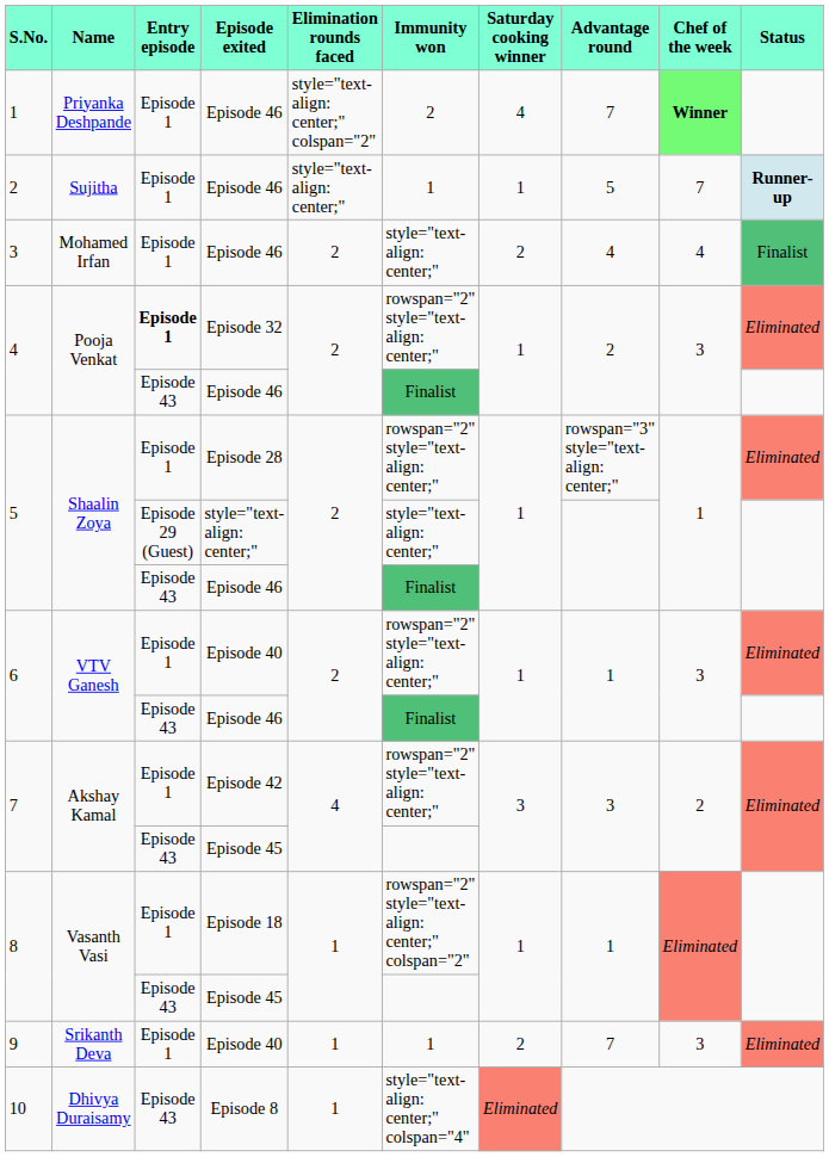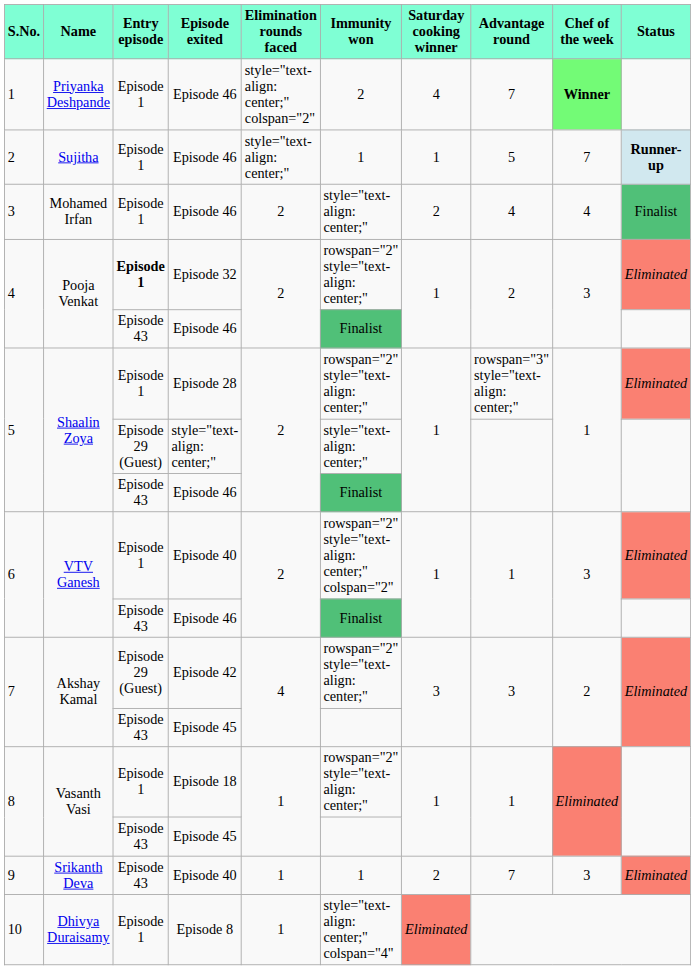 <table class="wikitable sortable" style="align:center;">
 <tr>
 <th scope="col" style="background:#7FFFD4;color:black">S.No.</th>
 <th scope="col" style="background:#7FFFD4;color:black">Name</th>
 <th scope="col" style="background:#7FFFD4;color:black">Entry episode</th>
 <th scope="col" style="background:#7FFFD4;color:black">Episode exited</th>
 <th scope="col" style="background:#7FFFD4;color:black">Elimination rounds faced</th>
 <th scope="col" style="background:#7FFFD4;color:black">Immunity won</th>
 <th scope="col" style="background:#7FFFD4;color:black">Saturday cooking winner</th>
 <th scope="col" style="background:#7FFFD4;color:black">Advantage round</th>
 <th scope="col" style="background:#7FFFD4;color:black">Chef of the week</th>
 <th scope="col" style="background:#7FFFD4;color:black">Status</th>
 </tr>
 <tr>
 <td>1</td>
 <td style="text-align: center;"><a href='#'>Priyanka Deshpande</a></td>
 <td style="text-align: center;">Episode 1</td>
 <td style="text-align: center;">Episode 46</td>
 <td>style="text-align: center;" colspan="2" </td>
 <td style="text-align: center;">2</td>
 <td style="text-align: center;">4</td>
 <td style="text-align: center;">7</td>
 <td style="text-align: center; background: #73FB76;"><strong>Winner</strong></td>
 </tr>
 <tr>
 <td>2</td>
 <td style="text-align: center;"><a href='#'>Sujitha</a></td>
 <td style="text-align: center;">Episode 1</td>
 <td style="text-align: center;">Episode 46</td>
 <td>style="text-align: center;" </td>
 <td style="text-align: center;">1</td>
 <td style="text-align: center;">1</td>
 <td style="text-align: center;">5</td>
 <td style="text-align: center;">7</td>
 <td style="text-align: center; background: #D1E8EF;"><strong>Runner-up</strong></td>
 </tr>
 <tr>
 <td>3</td>
 <td style="text-align: center;">Mohamed Irfan</td>
 <td style="text-align: center;">Episode 1</td>
 <td style="text-align: center;">Episode 46</td>
 <td style="text-align: center;">2</td>
 <td>style="text-align: center;" </td>
 <td style="text-align: center;">2</td>
 <td style="text-align: center;">4</td>
 <td style="text-align: center;">4</td>
 <td style="text-align: center; background: #50C078;">Finalist</td>
 </tr>
 <tr>
 <td rowspan="2">4</td>
 <td rowspan="2" style="text-align: center;">Pooja Venkat</td>
 <td style="text-align: center;"><strong>Episode 1</strong></td>
 <td style="text-align: center;">Episode 32</td>
 <td rowspan="2" style="text-align: center;">2</td>
 <td>rowspan="2" style="text-align: center;" </td>
 <td rowspan="2" style="text-align: center;">1</td>
 <td rowspan="2" style="text-align: center;">2</td>
 <td rowspan="2" style="text-align: center;">3</td>
 <td style="text-align: center; background: #FA8072;"><em>Eliminated</em></td>
 </tr>
 <tr>
 <td style="text-align: center;">Episode 43</td>
 <td style="text-align: center;">Episode 46</td>
 <td style="text-align: center; background: #50C078;">Finalist</td>
 </tr>
 <tr>
 <td rowspan="3">5</td>
 <td rowspan="3" style="text-align: center;"><a href='#'>Shaalin Zoya</a></td>
 <td style="text-align: center;">Episode 1</td>
 <td style="text-align: center;">Episode 28</td>
 <td rowspan="3" style="text-align: center;">2</td>
 <td>rowspan="2" style="text-align: center;" </td>
 <td rowspan="3" style="text-align: center;">1</td>
 <td>rowspan="3" style="text-align: center;" </td>
 <td rowspan="3" style="text-align: center;">1</td>
 <td style="text-align: center; background: #FA8072;"><em>Eliminated</em></td>
 </tr>
 <tr>
 <td style="text-align: center;">Episode 29 (Guest)</td>
 <td>style="text-align: center;" </td>
 <td>style="text-align: center;" </td>
 </tr>
 <tr>
 <td style="text-align: center;">Episode 43</td>
 <td style="text-align: center;">Episode 46</td>
 <td style="text-align: center; background: #50C078;">Finalist</td>
 </tr>
 <tr>
 <td rowspan="2">6</td>
 <td rowspan="2" style="text-align: center;"><a href='#'>VTV Ganesh</a></td>
 <td style="text-align: center;">Episode 1</td>
 <td style="text-align: center;">Episode 40</td>
 <td rowspan="2" style="text-align: center;">2</td>
-<td>rowspan="2" style="text-align: center;" </td>
+<td>rowspan="2" style="text-align: center;" colspan="2" </td>
 <td rowspan="2" style="text-align: center;">1</td>
 <td rowspan="2" style="text-align: center;">1</td>
 <td rowspan="2" style="text-align: center;">3</td>
 <td style="text-align: center; background: #FA8072;"><em>Eliminated</em></td>
 </tr>
 <tr>
 <td style="text-align: center;">Episode 43</td>
 <td style="text-align: center;">Episode 46</td>
 <td style="text-align: center; background: #50C078;">Finalist</td>
 </tr>
 <tr>
 <td rowspan="2">7</td>
 <td rowspan="2" style="text-align: center;">Akshay Kamal</td>
-<td style="text-align: center;">Episode 1</td>
+<td style="text-align: center;">Episode 29 (Guest)</td>
 <td style="text-align: center;">Episode 42</td>
 <td rowspan="2" style="text-align: center;">4</td>
 <td>rowspan="2" style="text-align: center;" </td>
 <td rowspan="2" style="text-align: center;">3</td>
 <td rowspan="2" style="text-align: center;">3</td>
 <td rowspan="2" style="text-align: center;">2</td>
 <td rowspan="2" style="text-align: center; background: #FA8072;"><em>Eliminated</em></td>
 </tr>
 <tr>
 <td style="text-align: center;">Episode 43</td>
 <td style="text-align: center;">Episode 45</td>
 </tr>
 <tr>
 <td rowspan="2">8</td>
 <td rowspan="2" style="text-align: center;">Vasanth Vasi</td>
 <td style="text-align: center;">Episode 1</td>
 <td style="text-align: center;">Episode 18</td>
 <td rowspan="2" style="text-align: center;">1</td>
-<td>rowspan="2" style="text-align: center;" colspan="2" </td>
+<td>rowspan="2" style="text-align: center;" </td>
 <td rowspan="2" style="text-align: center;">1</td>
 <td rowspan="2" style="text-align: center;">1</td>
 <td rowspan="2" style="text-align: center; background:#FA8072;"><em>Eliminated</em></td>
 </tr>
 <tr>
 <td style="text-align: center;">Episode 43</td>
 <td style="text-align: center;">Episode 45</td>
 </tr>
 <tr>
 <td>9</td>
 <td style="text-align: center;"><a href='#'>Srikanth Deva</a></td>
-<td style="text-align: center;">Episode 1</td>
+<td style="text-align: center;">Episode 43</td>
 <td style="text-align: center;">Episode 40</td>
 <td style="text-align: center;">1</td>
 <td style="text-align: center;">1</td>
 <td style="text-align: center;">2</td>
 <td style="text-align: center;">7</td>
 <td style="text-align: center;">3</td>
 <td style="text-align: center; background:#FA8072;"><em>Eliminated</em></td>
 </tr>
 <tr>
 <td>10</td>
 <td style="text-align: center;"><a href='#'>Dhivya Duraisamy</a></td>
-<td style="text-align: center;">Episode 43</td>
+<td style="text-align: center;">Episode 1</td>
 <td style="text-align: center;">Episode 8</td>
 <td style="text-align: center;">1</td>
 <td>style="text-align: center;" colspan="4" </td>
 <td style="text-align: center; background:#FA8072;"><em>Eliminated</em></td>
 </tr>
 </table>
